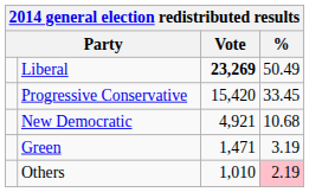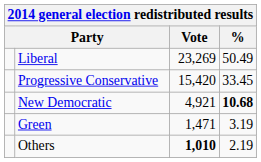 <table class="wikitable">
 <tr>
 <th colspan="4"><a href='#'>2014 general election</a> redistributed results</th>
 </tr>
 <tr>
 <th bgcolor="#DDDDFF" width="130px" colspan="2">Party</th>
 <th bgcolor="#DDDDFF" width="50px">Vote</th>
 <th bgcolor="#DDDDFF" width="30px">%</th>
 </tr>
 <tr>
 <td> </td>
 <td><a href='#'>Liberal</a></td>
-<td align=right><strong>23,269</strong></td>
+<td align=right>23,269</td>
 <td align=right>50.49</td>
 </tr>
 <tr>
 <td> </td>
 <td><a href='#'>Progressive Conservative</a></td>
 <td align=right>15,420</td>
 <td align=right>33.45</td>
 </tr>
 <tr>
 <td> </td>
 <td><a href='#'>New Democratic</a></td>
 <td align=right>4,921</td>
-<td align=right>10.68</td>
+<td align=right><strong>10.68</strong></td>
 </tr>
 <tr>
 <td> </td>
 <td><a href='#'>Green</a></td>
 <td align=right>1,471</td>
 <td align=right>3.19</td>
 </tr>
 <tr>
 <td> </td>
 <td>Others</td>
-<td align=right>1,010</td>
-<td align=right style="background: pink;">2.19</td>
+<td align=right><strong>1,010</strong></td>
+<td align=right>2.19</td>
 </tr>
 </table>
